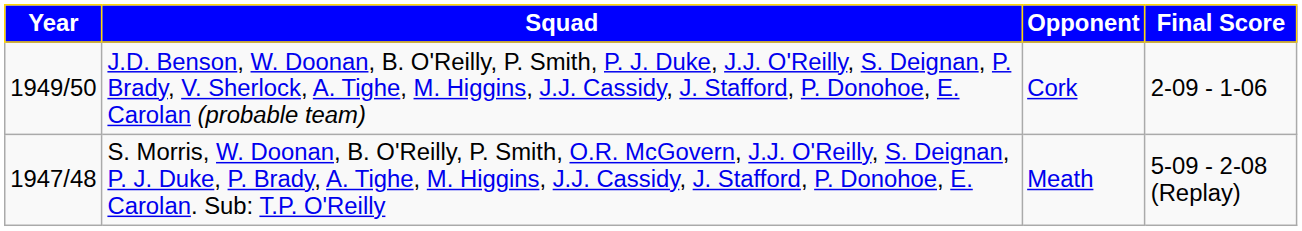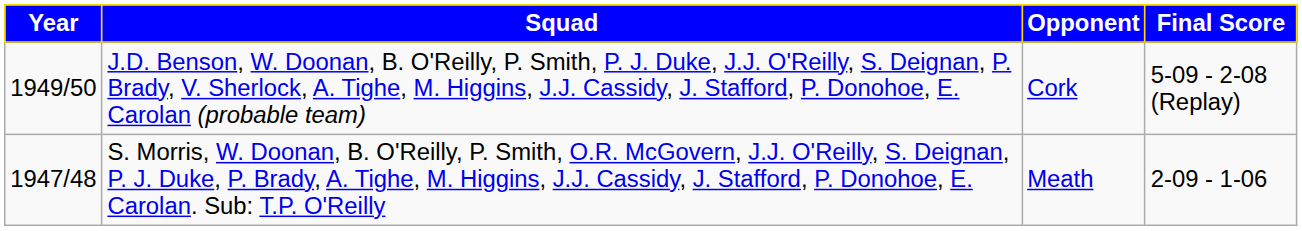 <table class="wikitable">
 <tr>
 <th style="background:blue; color:white; border:1px solid gold">Year</th>
 <th style="background:blue; color:white; border:1px solid gold">Squad</th>
 <th style="background:blue; color:white; border:1px solid gold">Opponent</th>
 <th style="background:blue; color:white; border:1px solid gold">Final Score</th>
 </tr>
 <tr>
 <td>1949/50</td>
 <td><a href='#'>J.D. Benson</a>, <a href='#'>W. Doonan</a>, B. O'Reilly, P. Smith, <a href='#'>P. J. Duke</a>, <a href='#'>J.J. O'Reilly</a>, <a href='#'>S. Deignan</a>, <a href='#'>P. Brady</a>, <a href='#'>V. Sherlock</a>, <a href='#'>A. Tighe</a>, <a href='#'>M. Higgins</a>, <a href='#'>J.J. Cassidy</a>, <a href='#'>J. Stafford</a>, <a href='#'>P. Donohoe</a>, <a href='#'>E. Carolan</a> <em>(probable team)</em></td>
 <td><a href='#'>Cork</a></td>
-<td>2-09 - 1-06</td>
+<td>5-09 - 2-08 (Replay)</td>
 </tr>
 <tr>
 <td>1947/48</td>
 <td>S. Morris, <a href='#'>W. Doonan</a>, B. O'Reilly, P. Smith, <a href='#'>O.R. McGovern</a>, <a href='#'>J.J. O'Reilly</a>, <a href='#'>S. Deignan</a>, <a href='#'>P. J. Duke</a>, <a href='#'>P. Brady</a>, <a href='#'>A. Tighe</a>, <a href='#'>M. Higgins</a>, <a href='#'>J.J. Cassidy</a>, <a href='#'>J. Stafford</a>, <a href='#'>P. Donohoe</a>, <a href='#'>E. Carolan</a>. Sub: <a href='#'>T.P. O'Reilly</a></td>
 <td><a href='#'>Meath</a></td>
-<td>5-09 - 2-08 (Replay)</td>
+<td>2-09 - 1-06</td>
 </tr>
 </table>
